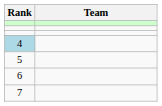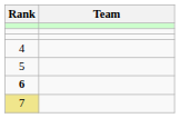 <table class="wikitable" style="text-align:left;">
 <tr>
 <th width=40>Rank</th>
 <th width=180>Team</th>
 </tr>
 <tr bgcolor=ccffcc>
 <td align=center></td>
 <td></td>
 </tr>
 <tr>
 <td align=center></td>
 <td></td>
 </tr>
 <tr>
 <td align=center></td>
 <td></td>
 </tr>
 <tr>
-<td align=center style="background: lightblue;">4</td>
+<td align=center>4</td>
 <td></td>
 </tr>
 <tr>
 <td align=center>5</td>
 <td></td>
 </tr>
 <tr>
-<td align=center>6</td>
+<td align=center><strong>6</strong></td>
 <td></td>
 </tr>
 <tr>
-<td align=center>7</td>
+<td align=center style="background: khaki;">7</td>
 <td></td>
 </tr>
 </table>
